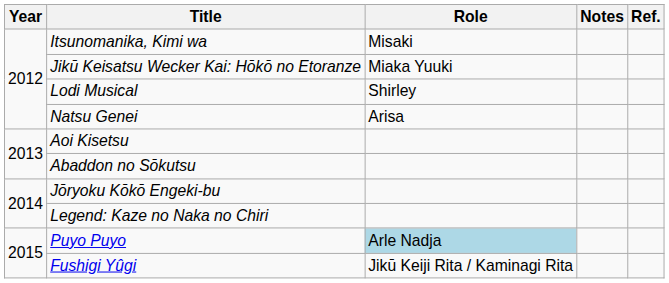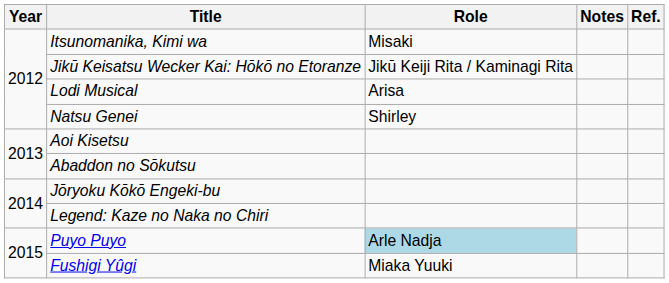 <table class="wikitable">
 <tr>
 <th>Year</th>
 <th>Title</th>
 <th>Role</th>
 <th>Notes</th>
 <th>Ref.</th>
 </tr>
 <tr>
 <td rowspan="4">2012</td>
 <td><em>Itsunomanika, Kimi wa</em></td>
 <td>Misaki</td>
 <td></td>
 <td></td>
 </tr>
 <tr>
 <td><em>Jikū Keisatsu Wecker Kai: Hōkō no Etoranze</em></td>
-<td>Miaka Yuuki</td>
+<td>Jikū Keiji Rita / Kaminagi Rita</td>
 <td></td>
 <td></td>
 </tr>
 <tr>
 <td><em>Lodi Musical</em></td>
-<td>Shirley</td>
+<td>Arisa</td>
 <td></td>
 <td></td>
 </tr>
 <tr>
 <td><em>Natsu Genei</em></td>
-<td>Arisa</td>
+<td>Shirley</td>
 <td></td>
 <td></td>
 </tr>
 <tr>
 <td rowspan="2">2013</td>
 <td><em>Aoi Kisetsu</em></td>
 <td></td>
 <td></td>
 <td></td>
 </tr>
 <tr>
 <td><em>Abaddon no Sōkutsu</em></td>
 <td></td>
 <td></td>
 <td></td>
 </tr>
 <tr>
 <td rowspan="2'">2014</td>
 <td><em>Jōryoku Kōkō Engeki-bu</em></td>
 <td></td>
 <td></td>
 <td></td>
 </tr>
 <tr>
 <td><em>Legend: Kaze no Naka no Chiri</em></td>
 <td></td>
 <td></td>
 <td></td>
 </tr>
 <tr>
 <td rowspan="2">2015</td>
 <td><em><a href='#'>Puyo Puyo</a></em></td>
 <td style="background: lightblue;">Arle Nadja</td>
 <td></td>
 <td></td>
 </tr>
 <tr>
 <td><em><a href='#'>Fushigi Yûgi</a></em></td>
-<td>Jikū Keiji Rita / Kaminagi Rita</td>
+<td>Miaka Yuuki</td>
 <td></td>
 <td></td>
 </tr>
 </table>
